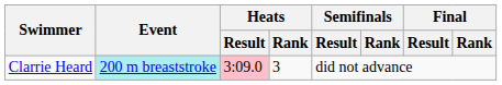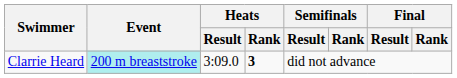 <table class=wikitable style="font-size:90%" style="text-align:center">
 <tr>
 <th rowspan=2>Swimmer</th>
 <th rowspan=2>Event</th>
 <th colspan=2>Heats</th>
 <th colspan=2>Semifinals</th>
 <th colspan=2>Final</th>
 </tr>
 <tr>
 <th>Result</th>
 <th>Rank</th>
 <th>Result</th>
 <th>Rank</th>
 <th>Result</th>
 <th>Rank</th>
 </tr>
 <tr>
 <td align=left><a href='#'>Clarrie Heard</a></td>
 <td align=left style="background: paleturquoise;"><a href='#'>200 m breaststroke</a></td>
-<td style="background: pink;">3:09.0</td>
-<td>3</td>
+<td>3:09.0</td>
+<td><strong>3</strong></td>
 <td colspan=4>did not advance</td>
 </tr>
 </table>
